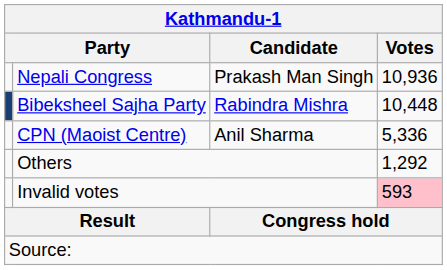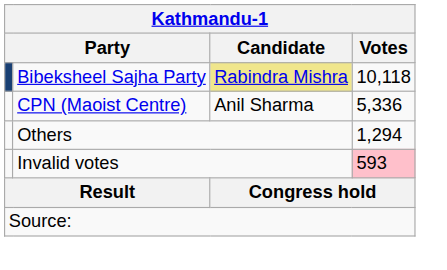 <table class="wikitable">
 <tr>
 <th colspan="4"><a href='#'>Kathmandu-1</a></th>
 </tr>
 <tr>
 <th colspan="2">Party</th>
 <th>Candidate</th>
 <th>Votes</th>
 </tr>
 <tr>
-<td style="background-color:"></td>
-<td><a href='#'>Nepali Congress</a></td>
-<td>Prakash Man Singh</td>
-<td>10,936</td>
-</tr>
-<tr>
 <td style="background-color:#183F73"></td>
 <td><a href='#'>Bibeksheel Sajha Party</a></td>
-<td><a href='#'>Rabindra Mishra</a></td>
-<td>10,448</td>
+<td style="background: khaki;"><a href='#'>Rabindra Mishra</a></td>
+<td>10,118</td>
 </tr>
 <tr>
 <td style="background-color:"></td>
 <td><a href='#'>CPN (Maoist Centre)</a></td>
 <td>Anil Sharma</td>
 <td>5,336</td>
 </tr>
 <tr>
 <td></td>
 <td colspan="2">Others</td>
-<td>1,292</td>
+<td>1,294</td>
 </tr>
 <tr>
 <td></td>
 <td colspan="2">Invalid votes</td>
 <td style="background: pink;">593</td>
 </tr>
 <tr>
 <th colspan="2">Result</th>
 <th colspan="2">Congress hold</th>
 </tr>
 <tr>
 <td colspan="4">Source: </td>
 </tr>
 </table>
